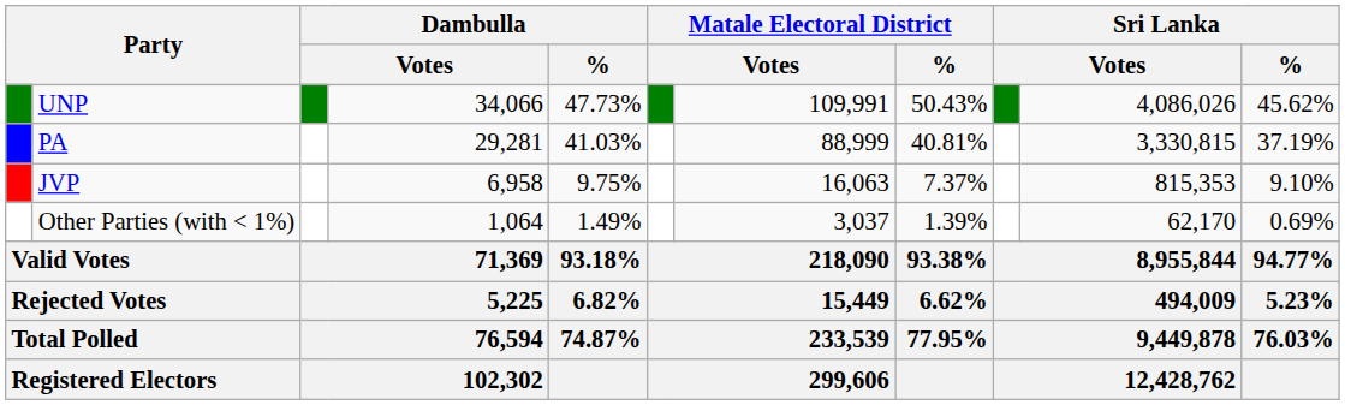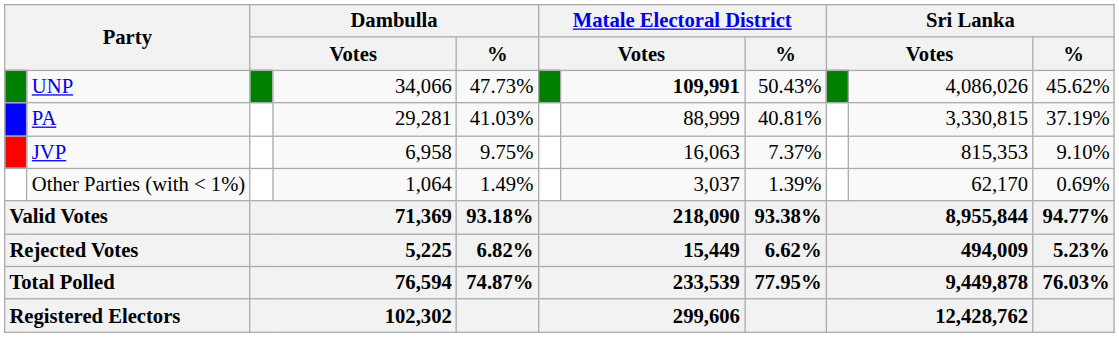 <table class="wikitable">
 <tr>
 <th colspan="2" width="144px"rowspan="2">Party</th>
 <th colspan="3" width="216px">Dambulla</th>
 <th colspan="3" width="216px"><a href='#'>Matale Electoral District</a></th>
 <th colspan="3" width="216px">Sri Lanka</th>
 </tr>
 <tr>
 <th colspan="2" width="144px">Votes</th>
 <th>%</th>
 <th colspan="2" width="144px">Votes</th>
 <th>%</th>
 <th colspan="2" width="144px">Votes</th>
 <th>%</th>
 </tr>
 <tr>
 <td style="background-color:green;" width="10px"></td>
 <td style="text-align:left;"><a href='#'>UNP</a></td>
 <td style="background-color:green;" width="10px"></td>
 <td style="text-align:right;">34,066</td>
 <td style="text-align:right;">47.73%</td>
 <td style="background-color:green;" width="10px"></td>
-<td style="text-align:right;">109,991</td>
+<td style="text-align:right;"><strong>109,991</strong></td>
 <td style="text-align:right;">50.43%</td>
 <td style="background-color:green;" width="10px"></td>
 <td style="text-align:right;">4,086,026</td>
 <td style="text-align:right;">45.62%</td>
 </tr>
 <tr>
 <td style="background-color:blue;" width="10px"></td>
 <td style="text-align:left;"><a href='#'>PA</a></td>
 <td style="background-color:white;" width="10px"></td>
 <td style="text-align:right;">29,281</td>
 <td style="text-align:right;">41.03%</td>
 <td style="background-color:white;" width="10px"></td>
 <td style="text-align:right;">88,999</td>
 <td style="text-align:right;">40.81%</td>
 <td style="background-color:white;" width="10px"></td>
 <td style="text-align:right;">3,330,815</td>
 <td style="text-align:right;">37.19%</td>
 </tr>
 <tr>
 <td style="background-color:red;" width="10px"></td>
 <td style="text-align:left;"><a href='#'>JVP</a></td>
 <td style="background-color:white;" width="10px"></td>
 <td style="text-align:right;">6,958</td>
 <td style="text-align:right;">9.75%</td>
 <td style="background-color:white;" width="10px"></td>
 <td style="text-align:right;">16,063</td>
 <td style="text-align:right;">7.37%</td>
 <td style="background-color:white;" width="10px"></td>
 <td style="text-align:right;">815,353</td>
 <td style="text-align:right;">9.10%</td>
 </tr>
 <tr>
 <td style="background-color:white;" width="10px"></td>
 <td style="text-align:left;">Other Parties (with < 1%)</td>
 <td style="background-color:white;" width="10px"></td>
 <td style="text-align:right;">1,064</td>
 <td style="text-align:right;">1.49%</td>
 <td style="background-color:white;" width="10px"></td>
 <td style="text-align:right;">3,037</td>
 <td style="text-align:right;">1.39%</td>
 <td style="background-color:white;" width="10px"></td>
 <td style="text-align:right;">62,170</td>
 <td style="text-align:right;">0.69%</td>
 </tr>
 <tr>
 <th colspan="2" width="144px"style="text-align:left;">Valid Votes</th>
 <th style="text-align:right;"colspan="2" width="144px">71,369</th>
 <th style="text-align:right;">93.18%</th>
 <th style="text-align:right;"colspan="2" width="144px">218,090</th>
 <th style="text-align:right;">93.38%</th>
 <th style="text-align:right;"colspan="2" width="144px">8,955,844</th>
 <th style="text-align:right;">94.77%</th>
 </tr>
 <tr>
 <th colspan="2" width="144px"style="text-align:left;">Rejected Votes</th>
 <th style="text-align:right;"colspan="2" width="144px">5,225</th>
 <th style="text-align:right;">6.82%</th>
 <th style="text-align:right;"colspan="2" width="144px">15,449</th>
 <th style="text-align:right;">6.62%</th>
 <th style="text-align:right;"colspan="2" width="144px">494,009</th>
 <th style="text-align:right;">5.23%</th>
 </tr>
 <tr>
 <th colspan="2" width="144px"style="text-align:left;">Total Polled</th>
 <th style="text-align:right;"colspan="2" width="144px">76,594</th>
 <th style="text-align:right;">74.87%</th>
 <th style="text-align:right;"colspan="2" width="144px">233,539</th>
 <th style="text-align:right;">77.95%</th>
 <th style="text-align:right;"colspan="2" width="144px">9,449,878</th>
 <th style="text-align:right;">76.03%</th>
 </tr>
 <tr>
 <th colspan="2" width="144px"style="text-align:left;">Registered Electors</th>
 <th style="text-align:right;"colspan="2" width="144px">102,302</th>
 <th></th>
 <th style="text-align:right;"colspan="2" width="144px">299,606</th>
 <th></th>
 <th style="text-align:right;"colspan="2" width="144px">12,428,762</th>
 <th></th>
 </tr>
 </table>
